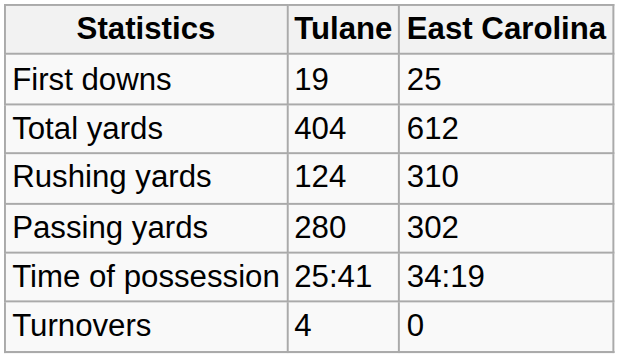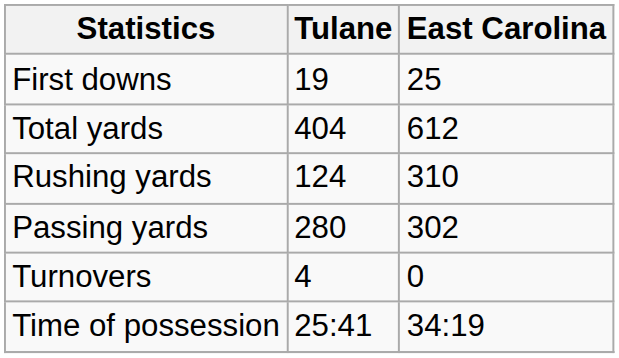 <table class="wikitable">
 <tr>
 <th>Statistics</th>
 <th>Tulane</th>
 <th>East Carolina</th>
 </tr>
 <tr>
 <td>First downs</td>
 <td>19</td>
 <td>25</td>
 </tr>
 <tr>
 <td>Total yards</td>
 <td>404</td>
 <td>612</td>
 </tr>
 <tr>
 <td>Rushing yards</td>
 <td>124</td>
 <td>310</td>
 </tr>
 <tr>
 <td>Passing yards</td>
 <td>280</td>
 <td>302</td>
 </tr>
 <tr>
+<td>Turnovers</td>
+<td>4</td>
+<td>0</td>
+</tr>
+<tr>
 <td>Time of possession</td>
 <td>25:41</td>
 <td>34:19</td>
 </tr>
 <tr>
-<td>Turnovers</td>
-<td>4</td>
-<td>0</td>
-</tr>
-<tr>
 </tr>
 </table>
